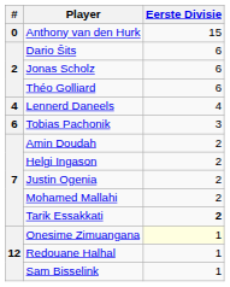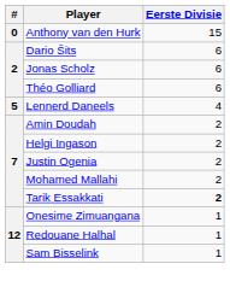 <table class="wikitable" style="text-align:right;">
 <tr>
 <th>#</th>
 <th>Player</th>
 <th><a href='#'>Eerste Divisie</a></th>
 </tr>
 <tr>
 <th align=center>0</th>
 <td align=left> <a href='#'>Anthony van den Hurk</a></td>
 <td>15</td>
 </tr>
 <tr>
 <th rowspan=3 align=center>2</th>
 <td align=left> <a href='#'>Dario Šits</a></td>
 <td>6</td>
 </tr>
 <tr>
 <td align=left> <a href='#'>Jonas Scholz</a></td>
 <td>6</td>
 </tr>
 <tr>
 <td align=left> <a href='#'>Théo Golliard</a></td>
 <td>6</td>
 </tr>
 <tr>
-<th align=center>4</th>
+<th align=center>5</th>
 <td align=left> <a href='#'>Lennerd Daneels</a></td>
 <td>4</td>
-</tr>
-<tr>
-<th align=center>6</th>
-<td align=left> <a href='#'>Tobias Pachonik</a></td>
-<td>3</td>
 </tr>
 <tr>
 <th rowspan=5 align=center>7</th>
 <td align=left> <a href='#'>Amin Doudah</a></td>
 <td>2</td>
 </tr>
 <tr>
 <td align=left> <a href='#'>Helgi Ingason</a></td>
 <td>2</td>
 </tr>
 <tr>
 <td align=left> <a href='#'>Justin Ogenia</a></td>
 <td>2</td>
 </tr>
 <tr>
 <td align=left> <a href='#'>Mohamed Mallahi</a></td>
 <td>2</td>
 </tr>
 <tr>
 <td align=left> <a href='#'>Tarik Essakkati</a></td>
 <td><strong>2</strong></td>
 </tr>
 <tr>
 <th rowspan=3 align=center>12</th>
 <td align=left> <a href='#'>Onesime Zimuangana</a></td>
-<td style="background: lightyellow;">1</td>
+<td>1</td>
 </tr>
 <tr>
 <td align=left> <a href='#'>Redouane Halhal</a></td>
 <td>1</td>
 </tr>
 <tr>
 <td align=left> <a href='#'>Sam Bisselink</a></td>
 <td>1</td>
 </tr>
 </table>
